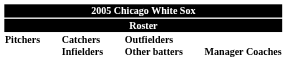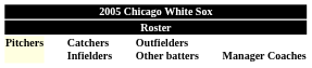 <table class="toccolours" style="font-size: 95%;">
 <tr>
 <th colspan="10" style="background-color: black; color: #FFFFFF; text-align: center;">2005 Chicago White Sox</th>
 </tr>
 <tr>
 <td colspan="10" style="background-color:black; color: white; text-align: center;"><strong>Roster</strong></td>
 </tr>
 <tr>
-<td valign="top"><strong>Pitchers</strong><br>                </td>
+<td valign="top" style="background: lightyellow;"><strong>Pitchers</strong><br>                </td>
 <td width="25px"></td>
 <td valign="top"><strong>Catchers</strong><br>   <strong>Infielders</strong>          </td>
 <td width="25px"></td>
 <td valign="top"><strong>Outfielders</strong><br>       <strong>Other batters</strong> </td>
 <td width="25px"></td>
 <td valign="top"><br><strong>Manager</strong>  <strong>Coaches</strong>       </td>
 </tr>
 </table>
